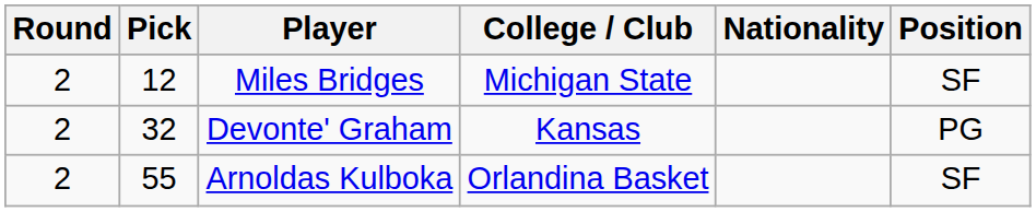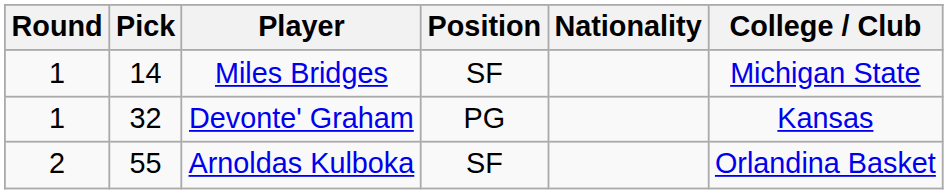 <table class="wikitable sortable sortable">
 <tr>
 <th>Round</th>
 <th>Pick</th>
 <th>Player</th>
+<th>Position</th>
+<th>Nationality</th>
 <th>College / Club</th>
-<th>Nationality</th>
-<th>Position</th>
 </tr>
 <tr style="text-align: center">
-<td>2</td>
-<td>12</td>
+<td>1</td>
+<td>14</td>
 <td><a href='#'>Miles Bridges</a></td>
+<td>SF</td>
+<td></td>
 <td><a href='#'>Michigan State</a></td>
-<td></td>
-<td>SF</td>
 </tr>
 <tr style="text-align: center">
-<td>2</td>
+<td>1</td>
 <td>32</td>
 <td><a href='#'>Devonte' Graham</a></td>
+<td>PG</td>
+<td></td>
 <td><a href='#'>Kansas</a></td>
-<td></td>
-<td>PG</td>
 </tr>
 <tr style="text-align: center">
 <td>2</td>
 <td>55</td>
 <td><a href='#'>Arnoldas Kulboka</a></td>
+<td>SF</td>
+<td></td>
 <td> <a href='#'>Orlandina Basket</a></td>
-<td></td>
-<td>SF</td>
 </tr>
 </table>
